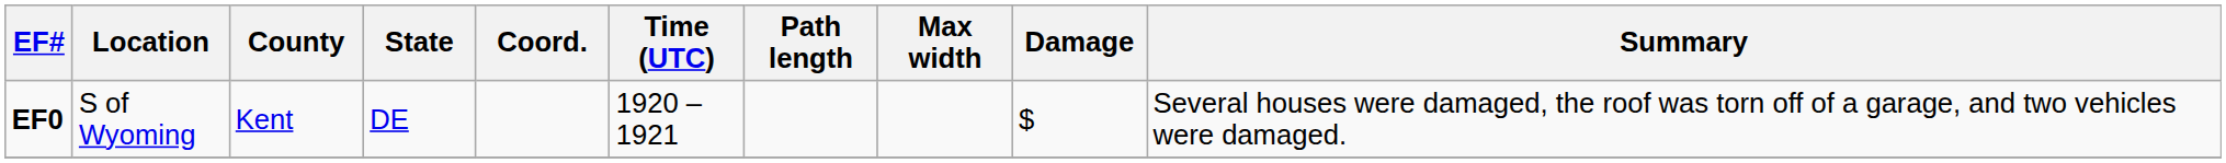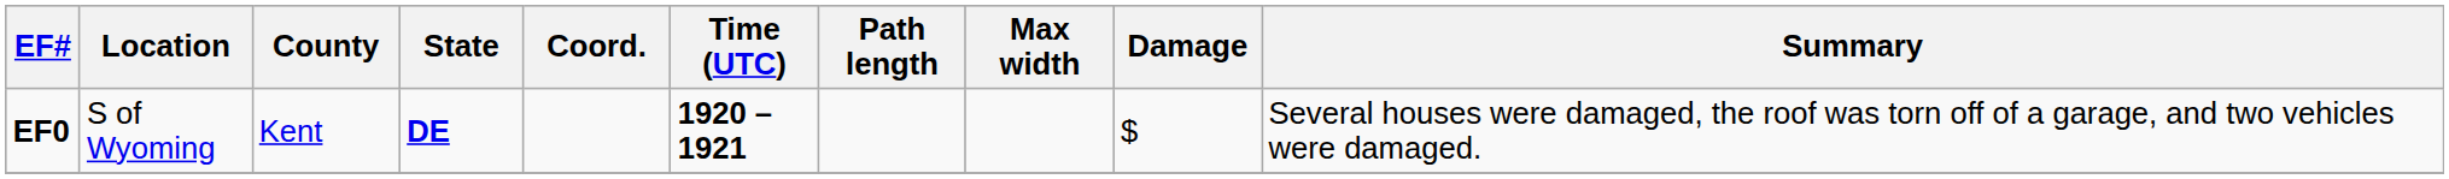 <table class="wikitable sortable" style="width:100%;">
 <tr>
 <th scope="col" width="3%" align="center"><a href='#'>EF#</a></th>
 <th scope="col" width="7%" align="center" class="unsortable">Location</th>
 <th scope="col" width="6%" align="center" class="unsortable">County</th>
 <th scope="col" width="5%" align="center">State</th>
 <th scope="col" width="6%" align="center">Coord.</th>
 <th scope="col" width="6%" align="center">Time (<a href='#'>UTC</a>)</th>
 <th scope="col" width="6%" align="center">Path length</th>
 <th scope="col" width="6%" align="center">Max width</th>
 <th scope="col" width="6%" align="center">Damage</th>
 <th scope="col" width="48%" class="unsortable" align="center">Summary</th>
 </tr>
 <tr>
 <td><strong>EF0</strong></td>
 <td>S of <a href='#'>Wyoming</a></td>
 <td><a href='#'>Kent</a></td>
-<td><a href='#'>DE</a></td>
+<td><strong><a href='#'>DE</a></strong></td>
 <td></td>
-<td>1920 – 1921</td>
+<td><strong>1920 – 1921</strong></td>
 <td></td>
 <td></td>
 <td>$</td>
 <td>Several houses were damaged, the roof was torn off of a garage, and two vehicles were damaged.</td>
 </tr>
 <tr>
 </tr>
 </table>
